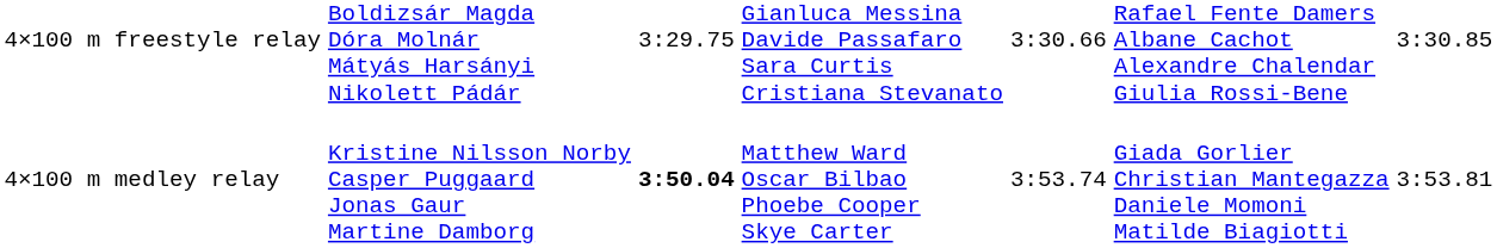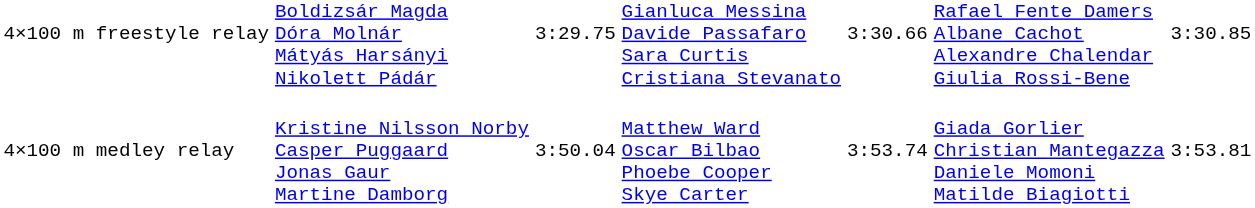 <table>
 <tr>
 <td>4×100 m freestyle relay</td>
 <td><br><a href='#'>Boldizsár Magda</a><br><a href='#'>Dóra Molnár</a><br><a href='#'>Mátyás Harsányi</a><br><a href='#'>Nikolett Pádár</a></td>
 <td>3:29.75</td>
 <td><br><a href='#'>Gianluca Messina</a><br><a href='#'>Davide Passafaro</a><br><a href='#'>Sara Curtis</a><br><a href='#'>Cristiana Stevanato</a></td>
 <td>3:30.66</td>
 <td><br><a href='#'>Rafael Fente Damers</a><br><a href='#'>Albane Cachot</a><br><a href='#'>Alexandre Chalendar</a><br><a href='#'>Giulia Rossi-Bene</a></td>
 <td>3:30.85</td>
 </tr>
 <tr>
 <td>4×100 m medley relay</td>
 <td><br><a href='#'>Kristine Nilsson Norby</a><br><a href='#'>Casper Puggaard</a><br><a href='#'>Jonas Gaur</a><br><a href='#'>Martine Damborg</a></td>
-<td><strong>3:50.04</strong></td>
+<td>3:50.04</td>
 <td><br><a href='#'>Matthew Ward</a><br><a href='#'>Oscar Bilbao</a><br><a href='#'>Phoebe Cooper</a><br><a href='#'>Skye Carter</a></td>
 <td>3:53.74</td>
 <td><br><a href='#'>Giada Gorlier</a><br><a href='#'>Christian Mantegazza</a><br><a href='#'>Daniele Momoni</a><br><a href='#'>Matilde Biagiotti</a></td>
 <td>3:53.81</td>
 </tr>
 </table>
